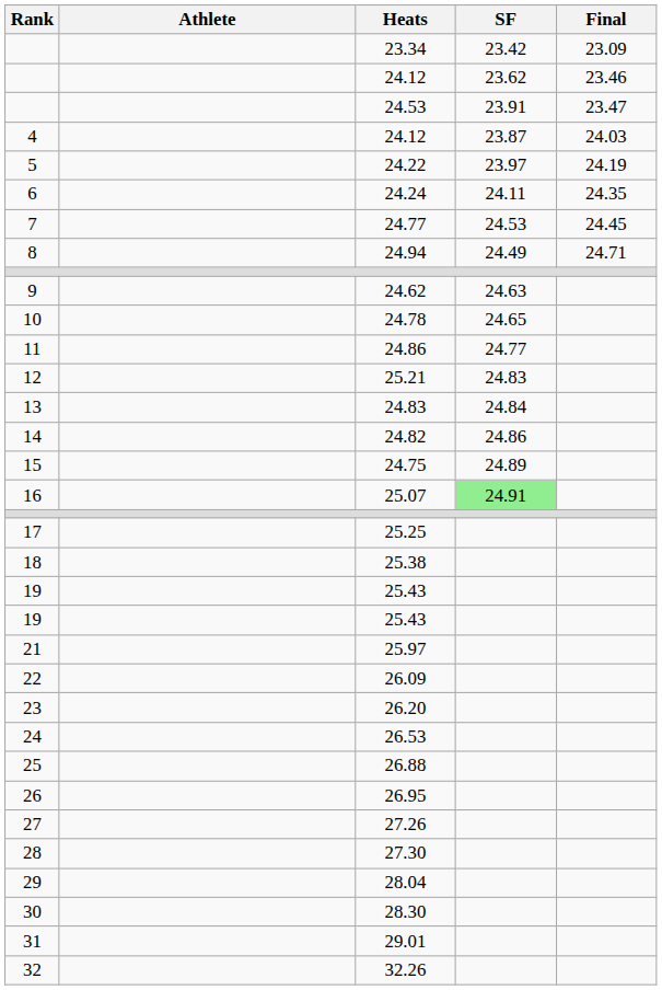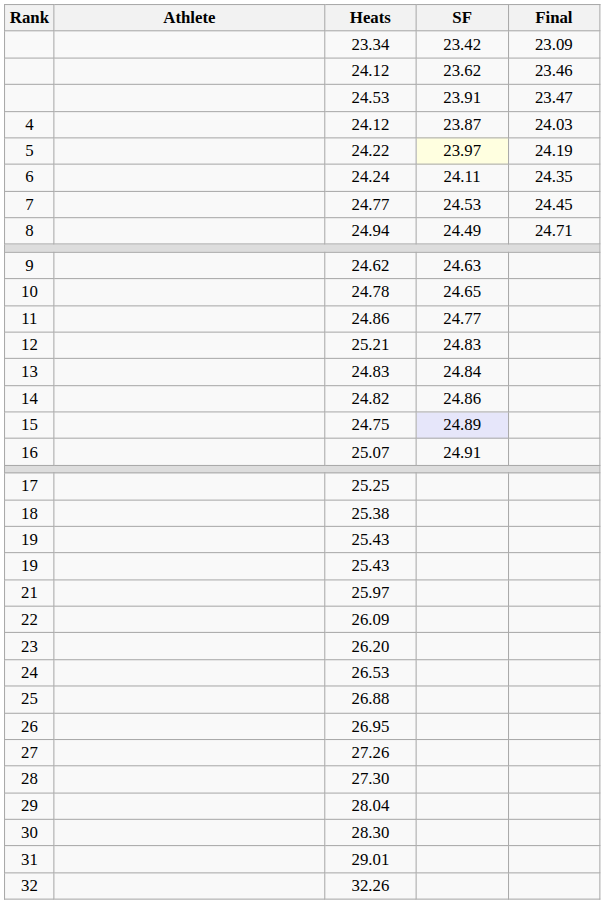 <table class=wikitable style="text-align:center">
 <tr>
 <th width=40>Rank</th>
 <th width=250>Athlete</th>
 <th width=80>Heats</th>
 <th width=80>SF</th>
 <th width=80>Final</th>
 </tr>
 <tr>
 <td></td>
 <td align=left></td>
 <td>23.34</td>
 <td>23.42</td>
 <td>23.09</td>
 </tr>
 <tr>
 <td></td>
 <td align=left></td>
 <td>24.12</td>
 <td>23.62</td>
 <td>23.46</td>
 </tr>
 <tr>
 <td></td>
 <td align=left></td>
 <td>24.53</td>
 <td>23.91</td>
 <td>23.47</td>
 </tr>
 <tr>
 <td>4</td>
 <td align=left></td>
 <td>24.12</td>
 <td>23.87</td>
 <td>24.03</td>
 </tr>
 <tr>
 <td>5</td>
 <td align=left></td>
 <td>24.22</td>
-<td>23.97</td>
+<td style="background: lightyellow;">23.97</td>
 <td>24.19</td>
 </tr>
 <tr>
 <td>6</td>
 <td align=left></td>
 <td>24.24</td>
 <td>24.11</td>
 <td>24.35</td>
 </tr>
 <tr>
 <td>7</td>
 <td align=left></td>
 <td>24.77</td>
 <td>24.53</td>
 <td>24.45</td>
 </tr>
 <tr>
 <td>8</td>
 <td align=left></td>
 <td>24.94</td>
 <td>24.49</td>
 <td>24.71</td>
 </tr>
 <tr bgcolor=#DDDDDD>
 <td colspan=5></td>
 </tr>
 <tr>
 <td>9</td>
 <td align=left></td>
 <td>24.62</td>
 <td>24.63</td>
 <td></td>
 </tr>
 <tr>
 <td>10</td>
 <td align=left></td>
 <td>24.78</td>
 <td>24.65</td>
 <td></td>
 </tr>
 <tr>
 <td>11</td>
 <td align=left></td>
 <td>24.86</td>
 <td>24.77</td>
 <td></td>
 </tr>
 <tr>
 <td>12</td>
 <td align=left></td>
 <td>25.21</td>
 <td>24.83</td>
 <td></td>
 </tr>
 <tr>
 <td>13</td>
 <td align=left></td>
 <td>24.83</td>
 <td>24.84</td>
 <td></td>
 </tr>
 <tr>
 <td>14</td>
 <td align=left></td>
 <td>24.82</td>
 <td>24.86</td>
 <td></td>
 </tr>
 <tr>
 <td>15</td>
 <td align=left></td>
 <td>24.75</td>
-<td>24.89</td>
+<td style="background: lavender;">24.89</td>
 <td></td>
 </tr>
 <tr>
 <td>16</td>
 <td align=left></td>
 <td>25.07</td>
-<td style="background: lightgreen;">24.91</td>
+<td>24.91</td>
 <td></td>
 </tr>
 <tr bgcolor=#DDDDDD>
 <td colspan=5></td>
 </tr>
 <tr>
 <td>17</td>
 <td align=left></td>
 <td>25.25</td>
 <td></td>
 <td></td>
 </tr>
 <tr>
 <td>18</td>
 <td align=left></td>
 <td>25.38</td>
 <td></td>
 <td></td>
 </tr>
 <tr>
 <td>19</td>
 <td align=left></td>
 <td>25.43</td>
 <td></td>
 <td></td>
 </tr>
 <tr>
 <td>19</td>
 <td align=left></td>
 <td>25.43</td>
 <td></td>
 <td></td>
 </tr>
 <tr>
 <td>21</td>
 <td align=left></td>
 <td>25.97</td>
 <td></td>
 <td></td>
 </tr>
 <tr>
 <td>22</td>
 <td align=left></td>
 <td>26.09</td>
 <td></td>
 <td></td>
 </tr>
 <tr>
 <td>23</td>
 <td align=left></td>
 <td>26.20</td>
 <td></td>
 <td></td>
 </tr>
 <tr>
 <td>24</td>
 <td align=left></td>
 <td>26.53</td>
 <td></td>
 <td></td>
 </tr>
 <tr>
 <td>25</td>
 <td align=left></td>
 <td>26.88</td>
 <td></td>
 <td></td>
 </tr>
 <tr>
 <td>26</td>
 <td align=left></td>
 <td>26.95</td>
 <td></td>
 <td></td>
 </tr>
 <tr>
 <td>27</td>
 <td align=left></td>
 <td>27.26</td>
 <td></td>
 <td></td>
 </tr>
 <tr>
 <td>28</td>
 <td align=left></td>
 <td>27.30</td>
 <td></td>
 <td></td>
 </tr>
 <tr>
 <td>29</td>
 <td align=left></td>
 <td>28.04</td>
 <td></td>
 <td></td>
 </tr>
 <tr>
 <td>30</td>
 <td align=left></td>
 <td>28.30</td>
 <td></td>
 <td></td>
 </tr>
 <tr>
 <td>31</td>
 <td align=left></td>
 <td>29.01</td>
 <td></td>
 <td></td>
 </tr>
 <tr>
 <td>32</td>
 <td align=left></td>
 <td>32.26</td>
 <td></td>
 <td></td>
 </tr>
 </table>
